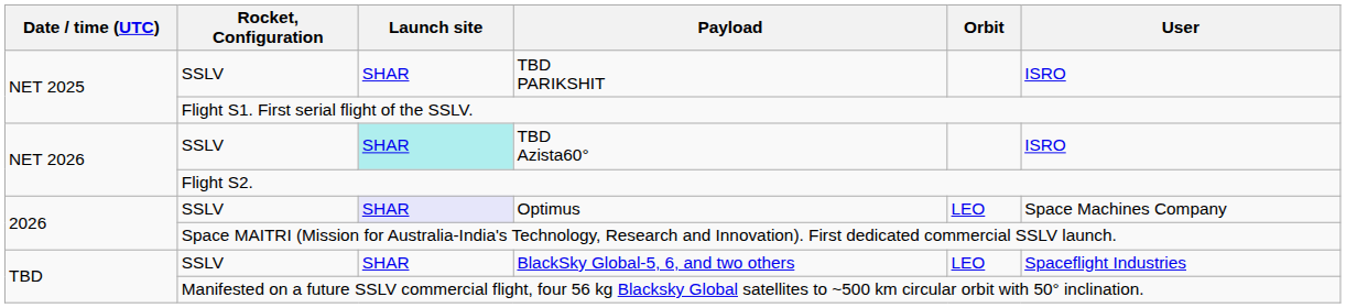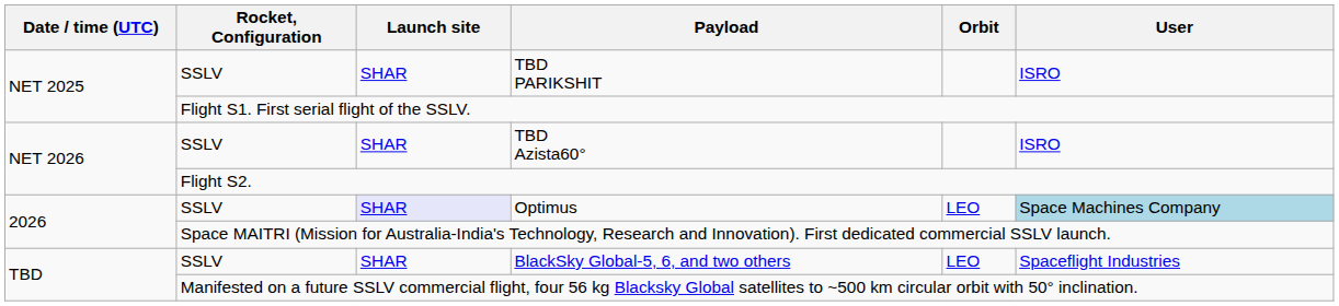 <table class="wikitable plainrowheaders" style="width: 100%;">
 <tr>
 <th scope="col">Date / time (<a href='#'>UTC</a>)</th>
 <th scope="col">Rocket,<br>Configuration</th>
 <th scope="col">Launch site</th>
 <th scope="col">Payload</th>
 <th scope="col">Orbit</th>
 <th scope="col">User</th>
 </tr>
 <tr>
 <td rowspan=2>NET 2025</td>
 <td>SSLV</td>
 <td><a href='#'>SHAR</a></td>
 <td> TBD<br> PARIKSHIT</td>
 <td></td>
 <td><a href='#'>ISRO</a></td>
 </tr>
 <tr>
 <td colspan="5">Flight S1. First serial flight of the SSLV.</td>
 </tr>
 <tr>
 <td rowspan=2>NET 2026</td>
 <td>SSLV</td>
-<td style="background: paleturquoise;"><a href='#'>SHAR</a></td>
+<td><a href='#'>SHAR</a></td>
 <td> TBD <br> Azista60°</td>
 <td></td>
 <td><a href='#'>ISRO</a></td>
 </tr>
 <tr>
 <td colspan="5">Flight S2.</td>
 </tr>
 <tr>
 <td rowspan=2>2026</td>
 <td>SSLV</td>
 <td style="background: lavender;"><a href='#'>SHAR</a></td>
 <td> Optimus</td>
 <td><a href='#'>LEO</a></td>
-<td>Space Machines Company</td>
+<td style="background: lightblue;">Space Machines Company</td>
 </tr>
 <tr>
 <td colspan="5">Space MAITRI (Mission for Australia-India's Technology, Research and Innovation). First dedicated commercial SSLV launch.</td>
 </tr>
 <tr>
 <td rowspan=2>TBD</td>
 <td>SSLV</td>
 <td><a href='#'>SHAR</a></td>
 <td> <a href='#'>BlackSky Global-5, 6, and two others</a></td>
 <td><a href='#'>LEO</a></td>
 <td><a href='#'>Spaceflight Industries</a></td>
 </tr>
 <tr>
 <td colspan="5">Manifested on a future SSLV commercial flight, four 56 kg <a href='#'>Blacksky Global</a> satellites to ~500 km circular orbit with 50° inclination.</td>
 </tr>
 </table>
